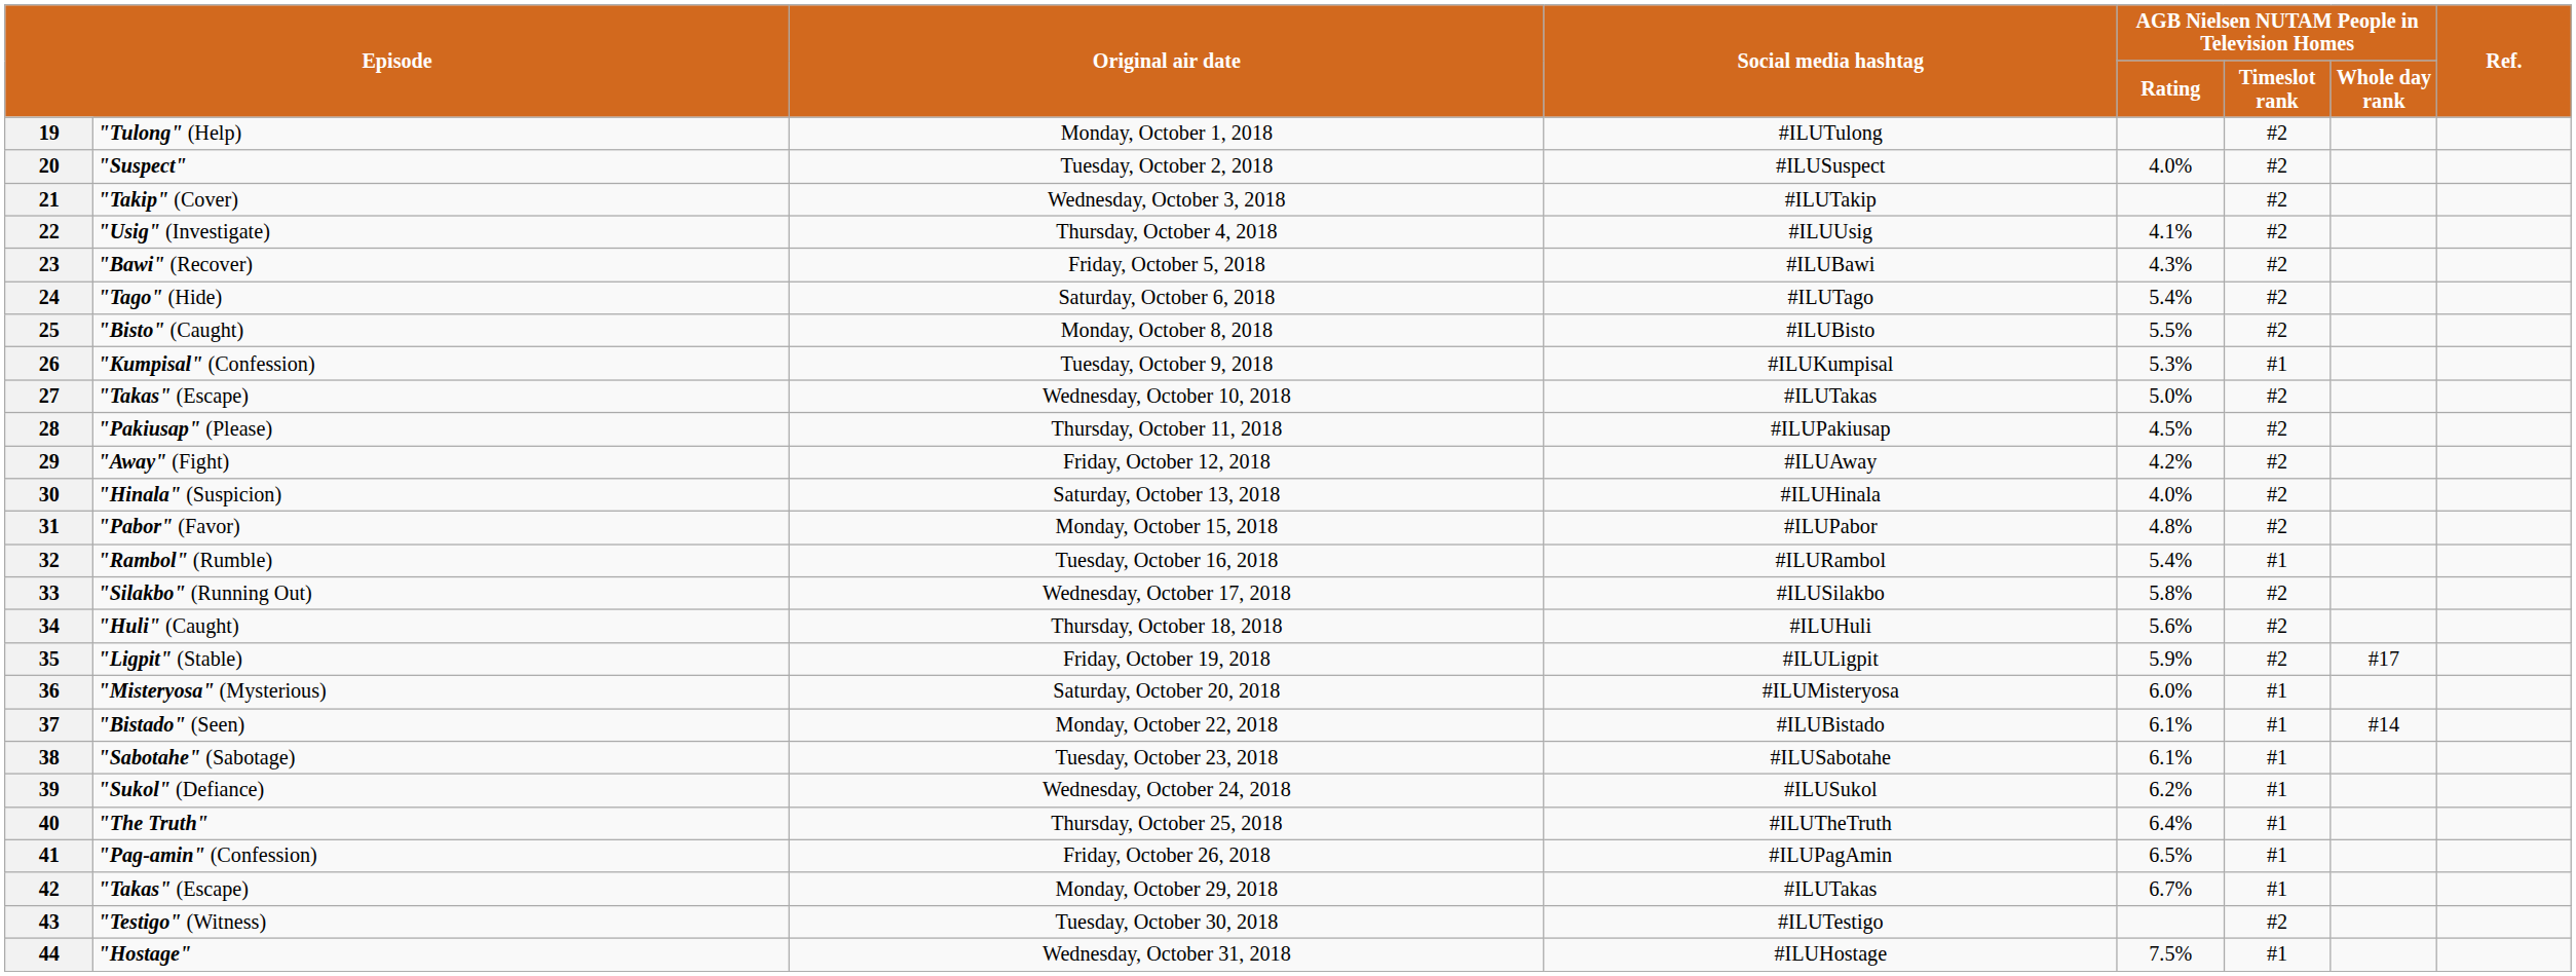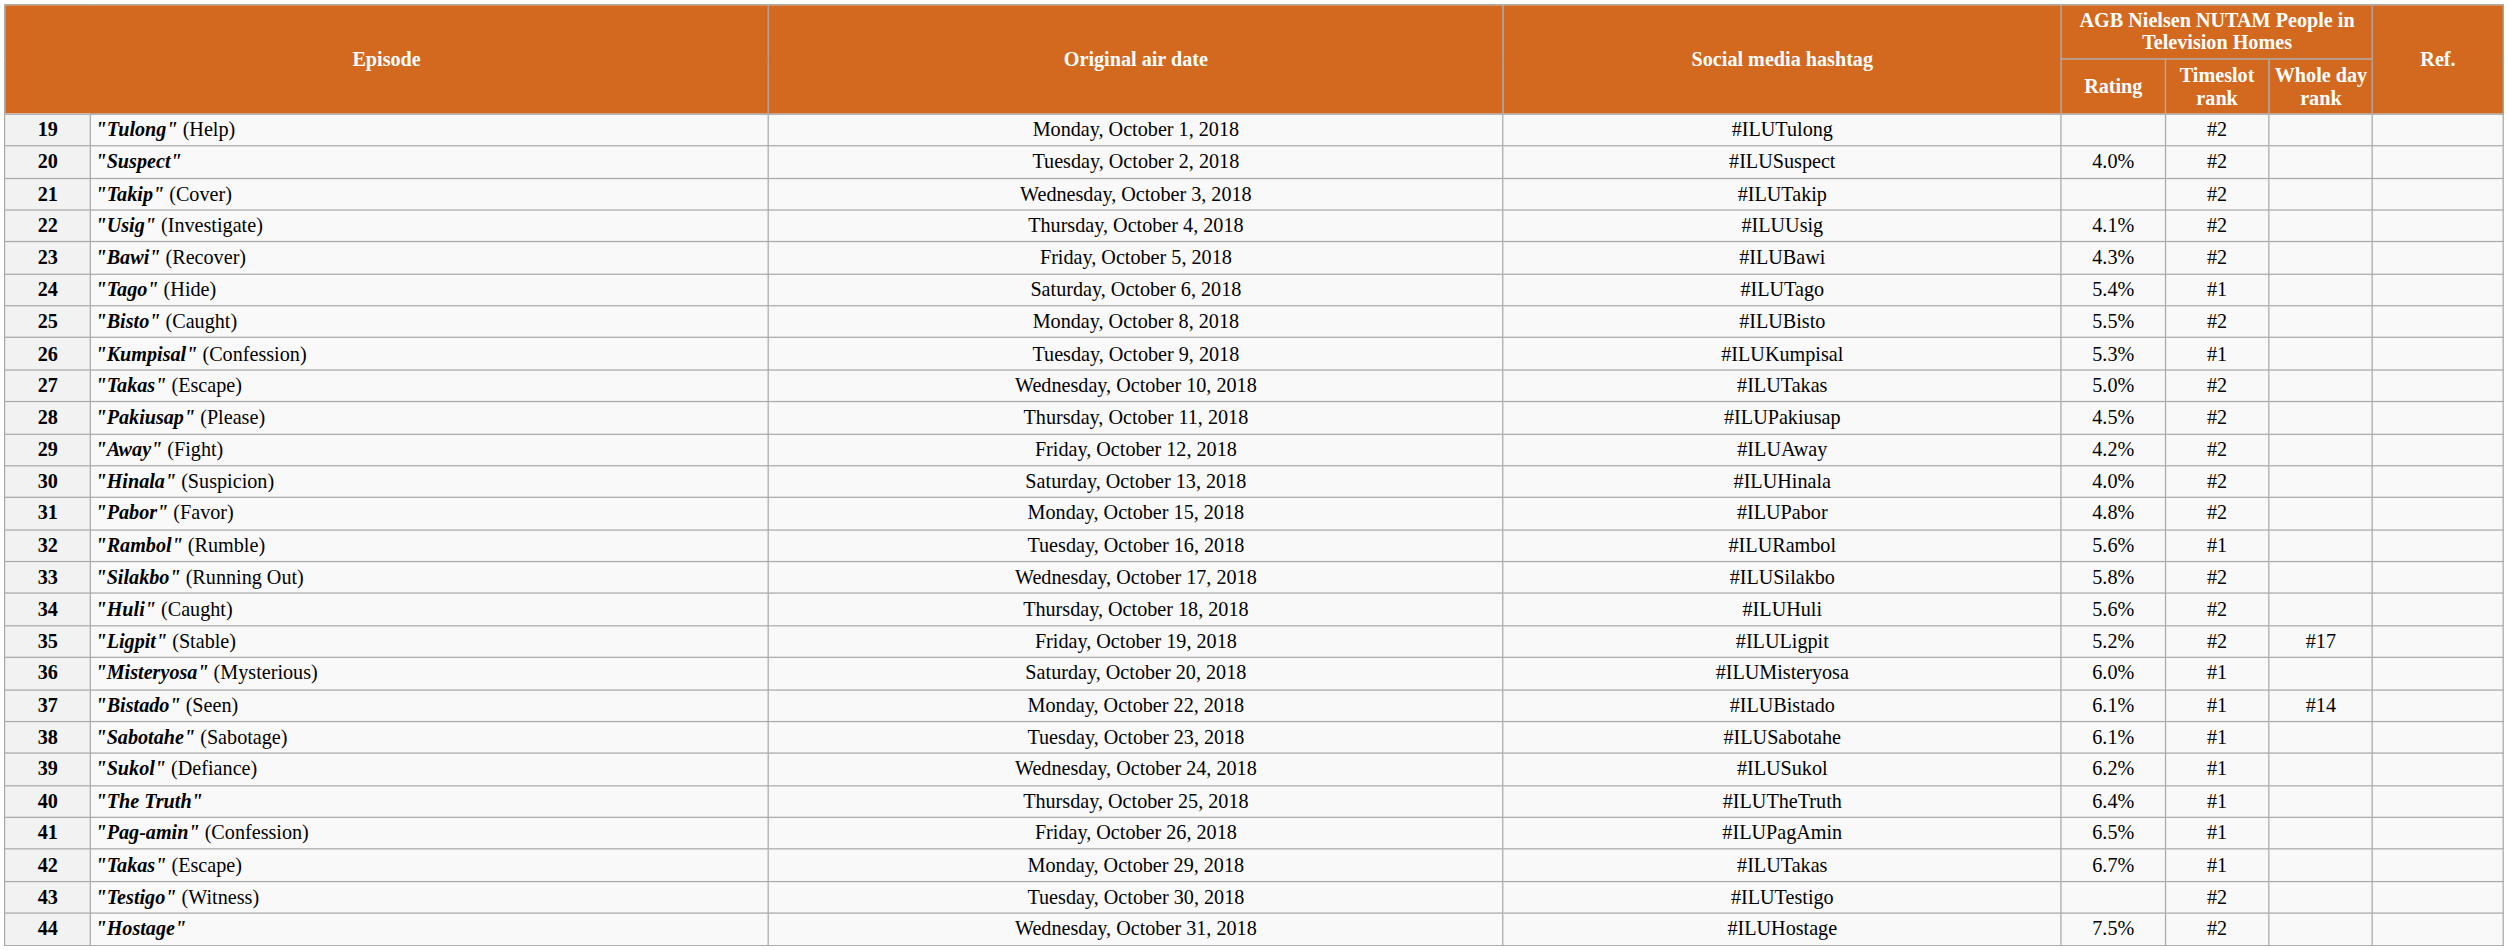 <table class="wikitable" style="text-align:center; font-size:100%; line-height:18px;" width="100%">
 <tr>
 <th style="background-color:#D2691E; color:#ffffff;" colspan="2" rowspan="2">Episode</th>
 <th style="background-color:#D2691E; color:white" rowspan="2">Original air date</th>
 <th style="background-color:#D2691E; color:white" rowspan="2">Social media hashtag</th>
 <th style="background-color:#D2691E; color:#ffffff;" colspan="3">AGB Nielsen NUTAM People in Television Homes</th>
 <th style="background-color:#D2691E;  color:#ffffff;" rowspan="2">Ref.</th>
 </tr>
 <tr>
 <th style="background-color:#D2691E; width:75px; color:#ffffff;">Rating</th>
 <th style="background-color:#D2691E;  width:75px; color:#ffffff;">Timeslot<br>rank</th>
 <th style="background-color:#D2691E; width:75px; color:#ffffff;">Whole day<br>rank</th>
 </tr>
 <tr>
 <th>19</th>
 <td style="text-align: left;"><strong><em>"Tulong"</em></strong> (Help)</td>
 <td>Monday, October 1, 2018</td>
 <td>#ILUTulong</td>
 <td></td>
 <td>#2</td>
 <td></td>
 <td></td>
 </tr>
 <tr>
 <th>20</th>
 <td style="text-align: left;"><strong><em>"Suspect"</em></strong></td>
 <td>Tuesday, October 2, 2018</td>
 <td>#ILUSuspect</td>
 <td>4.0%</td>
 <td>#2</td>
 <td></td>
 <td></td>
 </tr>
 <tr>
 <th>21</th>
 <td style="text-align: left;"><strong><em>"Takip"</em></strong> (Cover)</td>
 <td>Wednesday, October 3, 2018</td>
 <td>#ILUTakip</td>
 <td></td>
 <td>#2</td>
 <td></td>
 <td></td>
 </tr>
 <tr>
 <th>22</th>
 <td style="text-align: left;"><strong><em>"Usig"</em></strong> (Investigate)</td>
 <td>Thursday, October 4, 2018</td>
 <td>#ILUUsig</td>
 <td>4.1%</td>
 <td>#2</td>
 <td></td>
 <td></td>
 </tr>
 <tr>
 <th>23</th>
 <td style="text-align: left;"><strong><em>"Bawi"</em></strong> (Recover)</td>
 <td>Friday, October 5, 2018</td>
 <td>#ILUBawi</td>
 <td>4.3%</td>
 <td>#2</td>
 <td></td>
 <td></td>
 </tr>
 <tr>
 <th>24</th>
 <td style="text-align: left;"><strong><em>"Tago"</em></strong> (Hide)</td>
 <td>Saturday, October 6, 2018</td>
 <td>#ILUTago</td>
 <td>5.4%</td>
-<td>#2</td>
+<td>#1</td>
 <td></td>
 <td></td>
 </tr>
 <tr>
 <th>25</th>
 <td style="text-align: left;"><strong><em>"Bisto"</em></strong> (Caught)</td>
 <td>Monday, October 8, 2018</td>
 <td>#ILUBisto</td>
 <td>5.5%</td>
 <td>#2</td>
 <td></td>
 <td></td>
 </tr>
 <tr>
 <th>26</th>
 <td style="text-align: left;"><strong><em>"Kumpisal"</em></strong> (Confession)</td>
 <td>Tuesday, October 9, 2018</td>
 <td>#ILUKumpisal</td>
 <td>5.3%</td>
 <td>#1</td>
 <td></td>
 <td></td>
 </tr>
 <tr>
 <th>27</th>
 <td style="text-align: left;"><strong><em>"Takas"</em></strong> (Escape)</td>
 <td>Wednesday, October 10, 2018</td>
 <td>#ILUTakas</td>
 <td>5.0%</td>
 <td>#2</td>
 <td></td>
 <td></td>
 </tr>
 <tr>
 <th>28</th>
 <td style="text-align: left;"><strong><em>"Pakiusap"</em></strong> (Please)</td>
 <td>Thursday, October 11, 2018</td>
 <td>#ILUPakiusap</td>
 <td>4.5%</td>
 <td>#2</td>
 <td></td>
 <td></td>
 </tr>
 <tr>
 <th>29</th>
 <td style="text-align: left;"><strong><em>"Away"</em></strong> (Fight)</td>
 <td>Friday, October 12, 2018</td>
 <td>#ILUAway</td>
 <td>4.2%</td>
 <td>#2</td>
 <td></td>
 <td></td>
 </tr>
 <tr>
 <th>30</th>
 <td style="text-align: left;"><strong><em>"Hinala"</em></strong> (Suspicion)</td>
 <td>Saturday, October 13, 2018</td>
 <td>#ILUHinala</td>
 <td>4.0%</td>
 <td>#2</td>
 <td></td>
 <td></td>
 </tr>
 <tr>
 <th>31</th>
 <td style="text-align: left;"><strong><em>"Pabor"</em></strong> (Favor)</td>
 <td>Monday, October 15, 2018</td>
 <td>#ILUPabor</td>
 <td>4.8%</td>
 <td>#2</td>
 <td></td>
 <td></td>
 </tr>
 <tr>
 <th>32</th>
 <td style="text-align: left;"><strong><em>"Rambol"</em></strong> (Rumble)</td>
 <td>Tuesday, October 16, 2018</td>
 <td>#ILURambol</td>
-<td>5.4%</td>
+<td>5.6%</td>
 <td>#1</td>
 <td></td>
 <td></td>
 </tr>
 <tr>
 <th>33</th>
 <td style="text-align: left;"><strong><em>"Silakbo"</em></strong> (Running Out)</td>
 <td>Wednesday, October 17, 2018</td>
 <td>#ILUSilakbo</td>
 <td>5.8%</td>
 <td>#2</td>
 <td></td>
 <td></td>
 </tr>
 <tr>
 <th>34</th>
 <td style="text-align: left;"><strong><em>"Huli"</em></strong> (Caught)</td>
 <td>Thursday, October 18, 2018</td>
 <td>#ILUHuli</td>
 <td>5.6%</td>
 <td>#2</td>
 <td></td>
 <td></td>
 </tr>
 <tr>
 <th>35</th>
 <td style="text-align: left;"><strong><em>"Ligpit"</em></strong> (Stable)</td>
 <td>Friday, October 19, 2018</td>
 <td>#ILULigpit</td>
-<td>5.9%</td>
+<td>5.2%</td>
 <td>#2</td>
 <td>#17</td>
 <td></td>
 </tr>
 <tr>
 <th>36</th>
 <td style="text-align: left;"><strong><em>"Misteryosa"</em></strong> (Mysterious)</td>
 <td>Saturday, October 20, 2018</td>
 <td>#ILUMisteryosa</td>
 <td>6.0%</td>
 <td>#1</td>
 <td></td>
 <td></td>
 </tr>
 <tr>
 <th>37</th>
 <td style="text-align: left;"><strong><em>"Bistado"</em></strong> (Seen)</td>
 <td>Monday, October 22, 2018</td>
 <td>#ILUBistado</td>
 <td>6.1%</td>
 <td>#1</td>
 <td>#14</td>
 <td></td>
 </tr>
 <tr>
 <th>38</th>
 <td style="text-align: left;"><strong><em>"Sabotahe"</em></strong> (Sabotage)</td>
 <td>Tuesday, October 23, 2018</td>
 <td>#ILUSabotahe</td>
 <td>6.1%</td>
 <td>#1</td>
 <td></td>
 <td></td>
 </tr>
 <tr>
 <th>39</th>
 <td style="text-align: left;"><strong><em>"Sukol"</em></strong> (Defiance)</td>
 <td>Wednesday, October 24, 2018</td>
 <td>#ILUSukol</td>
 <td>6.2%</td>
 <td>#1</td>
 <td></td>
 <td></td>
 </tr>
 <tr>
 <th>40</th>
 <td style="text-align: left;"><strong><em>"The Truth"</em></strong></td>
 <td>Thursday, October 25, 2018</td>
 <td>#ILUTheTruth</td>
 <td>6.4%</td>
 <td>#1</td>
 <td></td>
 <td></td>
 </tr>
 <tr>
 <th>41</th>
 <td style="text-align: left;"><strong><em>"Pag-amin"</em></strong> (Confession)</td>
 <td>Friday, October 26, 2018</td>
 <td>#ILUPagAmin</td>
 <td>6.5%</td>
 <td>#1</td>
 <td></td>
 <td></td>
 </tr>
 <tr>
 <th>42</th>
 <td style="text-align: left;"><strong><em>"Takas"</em></strong> (Escape)</td>
 <td>Monday, October 29, 2018</td>
 <td>#ILUTakas</td>
 <td>6.7%</td>
 <td>#1</td>
 <td></td>
 <td></td>
 </tr>
 <tr>
 <th>43</th>
 <td style="text-align: left;"><strong><em>"Testigo"</em></strong> (Witness)</td>
 <td>Tuesday, October 30, 2018</td>
 <td>#ILUTestigo</td>
 <td></td>
 <td>#2</td>
 <td></td>
 <td></td>
 </tr>
 <tr>
 <th>44</th>
 <td style="text-align: left;"><strong><em>"Hostage"</em></strong></td>
 <td>Wednesday, October 31, 2018</td>
 <td>#ILUHostage</td>
 <td>7.5%</td>
-<td>#1</td>
+<td>#2</td>
 <td></td>
 <td></td>
 </tr>
 <tr>
 </tr>
 </table>
